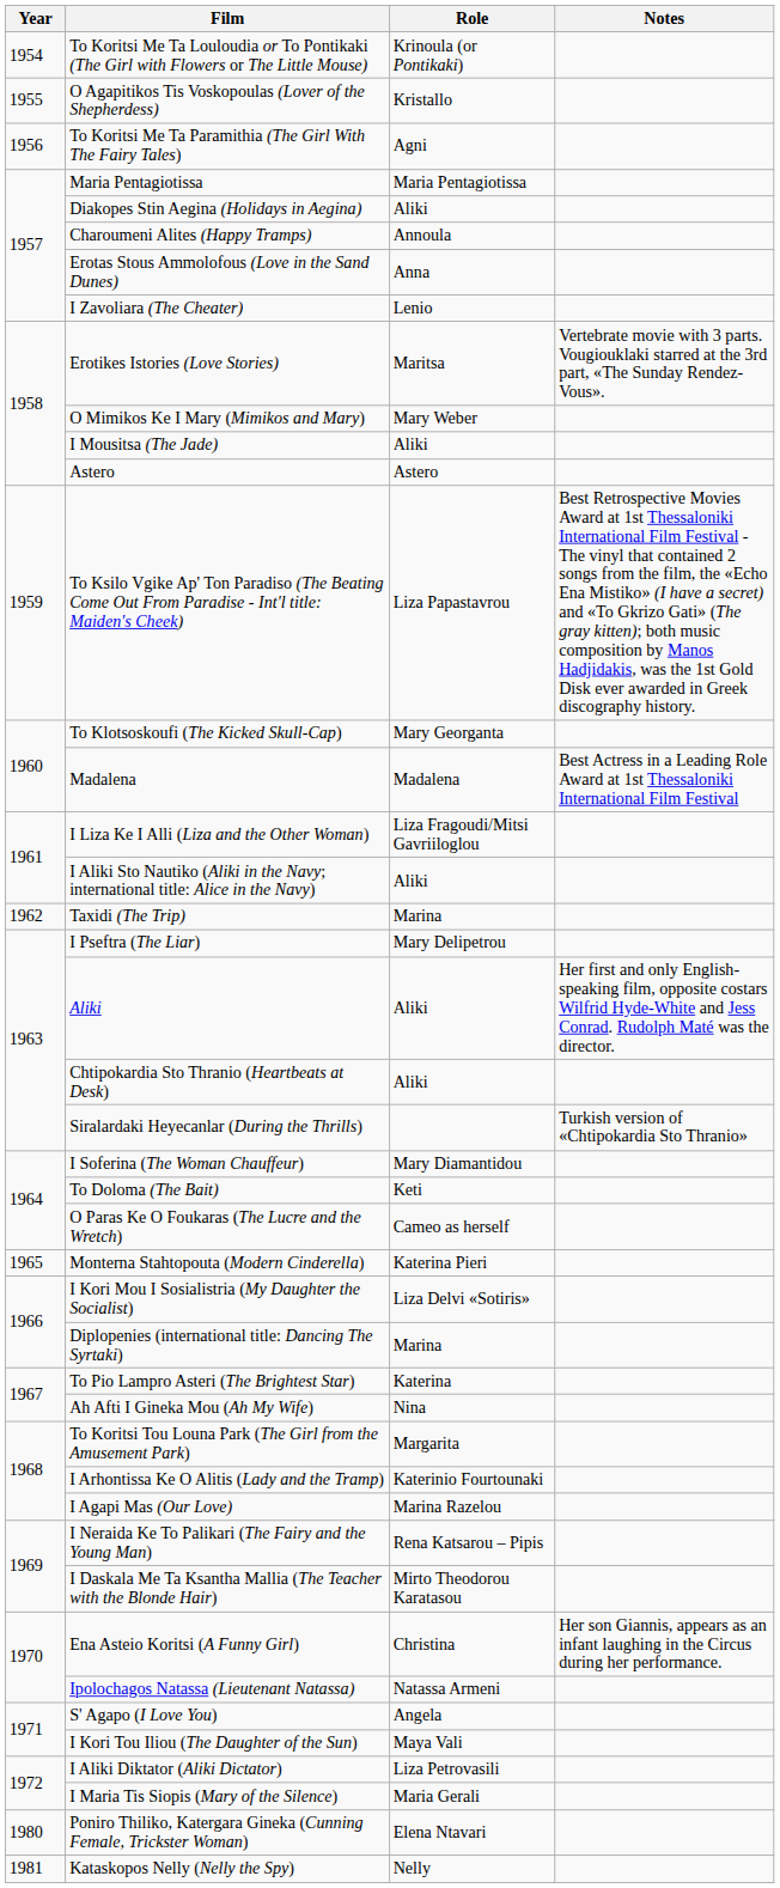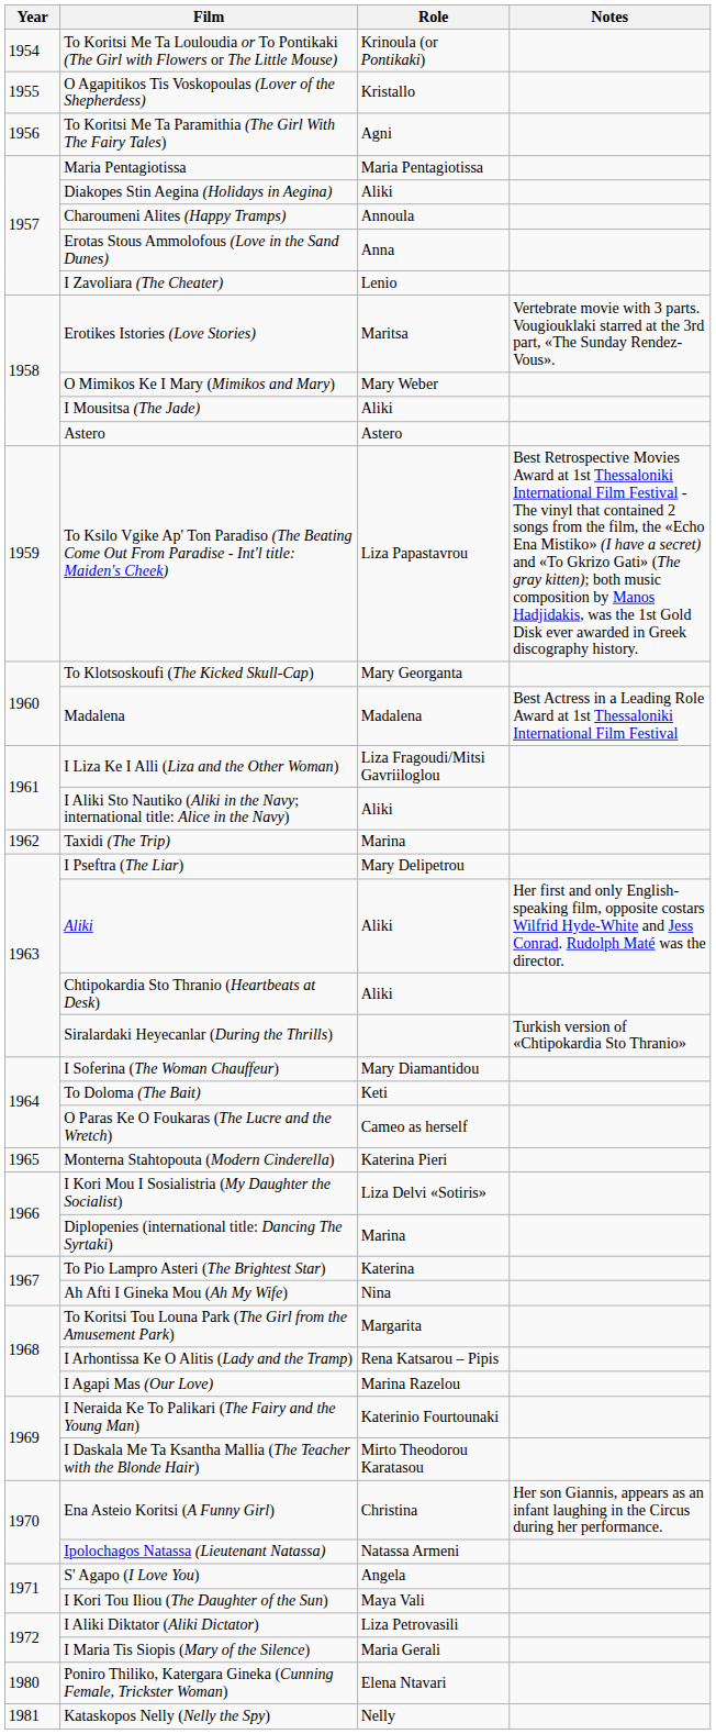 <table class="wikitable">
 <tr>
 <th>Year</th>
 <th>Film</th>
 <th>Role</th>
 <th>Notes</th>
 </tr>
 <tr>
 <td width="50px">1954</td>
 <td width="300px">To Koritsi Me Ta Louloudia <em>or</em> To Pontikaki <em>(The Girl with Flowers</em> or <em>The Little Mouse)</em></td>
 <td width="150px">Krinoula (or <em>Pontikaki</em>)</td>
 <td width="200px"></td>
 </tr>
 <tr>
 <td>1955</td>
 <td>O Agapitikos Tis Voskopoulas <em>(Lover of the Shepherdess)</em></td>
 <td>Kristallo</td>
 <td></td>
 </tr>
 <tr>
 <td>1956</td>
 <td>To Koritsi Me Ta Paramithia <em>(The Girl With The Fairy Tales</em>)</td>
 <td>Agni</td>
 <td></td>
 </tr>
 <tr>
 <td rowspan="5">1957</td>
 <td>Maria Pentagiotissa</td>
 <td>Maria Pentagiotissa</td>
 <td></td>
 </tr>
 <tr>
 <td>Diakopes Stin Aegina <em>(Holidays in Aegina)</em></td>
 <td>Aliki</td>
 <td></td>
 </tr>
 <tr>
 <td>Charoumeni Alites <em>(Happy Tramps)</em></td>
 <td>Annoula</td>
 <td></td>
 </tr>
 <tr>
 <td>Erotas Stous Ammolofous <em>(Love in the Sand Dunes)</em></td>
 <td>Anna</td>
 <td></td>
 </tr>
 <tr>
 <td>I Zavoliara <em>(The Cheater)</em></td>
 <td>Lenio</td>
 <td></td>
 </tr>
 <tr>
 <td rowspan="4">1958</td>
 <td>Erotikes Istories <em>(Love Stories)</em></td>
 <td>Maritsa</td>
 <td>Vertebrate movie with 3 parts. Vougiouklaki starred at the 3rd part, «The Sunday Rendez-Vous».</td>
 </tr>
 <tr>
 <td>O Mimikos Ke I Mary (<em>Mimikos and Mary</em>)</td>
 <td>Mary Weber</td>
 <td></td>
 </tr>
 <tr>
 <td>I Mousitsa <em>(The Jade)</em></td>
 <td>Aliki</td>
 <td></td>
 </tr>
 <tr>
 <td>Astero</td>
 <td>Astero</td>
 <td></td>
 </tr>
 <tr>
 <td>1959</td>
 <td>To Ksilo Vgike Ap' Ton Paradiso <em>(The Beating Come Out From Paradise - Int'l title: <a href='#'>Maiden's Cheek</a>)</em></td>
 <td>Liza Papastavrou</td>
 <td>Best Retrospective Movies Award at 1st <a href='#'>Thessaloniki International Film Festival</a> - The vinyl that contained 2 songs from the film, the «Echo Ena Mistiko» <em>(I have a secret)</em> and «To Gkrizo Gati» (<em>The gray kitten)</em>; both music composition by <a href='#'>Manos Hadjidakis</a>, was the 1st Gold Disk ever awarded in Greek discography history.</td>
 </tr>
 <tr>
 <td rowspan="2">1960</td>
 <td>To Klotsoskoufi (<em>The Kicked Skull-Cap</em>)</td>
 <td>Mary Georganta</td>
 <td></td>
 </tr>
 <tr>
 <td>Madalena</td>
 <td>Madalena</td>
 <td>Best Actress in a Leading Role Award at 1st <a href='#'>Thessaloniki International Film Festival</a></td>
 </tr>
 <tr>
 <td rowspan="2">1961</td>
 <td>I Liza Ke I Alli (<em>Liza and the Other Woman</em>)</td>
 <td>Liza Fragoudi/Mitsi Gavriiloglou</td>
 <td></td>
 </tr>
 <tr>
 <td>I Aliki Sto Nautiko (<em>Aliki in the Navy</em>; international title: <em>Alice in the Navy</em>)</td>
 <td>Aliki</td>
 <td></td>
 </tr>
 <tr>
 <td>1962</td>
 <td>Taxidi <em>(The Trip)</em></td>
 <td>Marina</td>
 <td></td>
 </tr>
 <tr>
 <td rowspan="4">1963</td>
 <td>I Pseftra (<em>The Liar</em>)</td>
 <td>Mary Delipetrou</td>
 <td></td>
 </tr>
 <tr>
 <td><em><a href='#'>Aliki</a></em></td>
 <td>Aliki</td>
 <td>Her first and only English-speaking film, opposite costars <a href='#'>Wilfrid Hyde-White</a> and <a href='#'>Jess Conrad</a>. <a href='#'>Rudolph Maté</a> was the director.</td>
 </tr>
 <tr>
 <td>Chtipokardia Sto Thranio (<em>Heartbeats at Desk</em>)</td>
 <td>Aliki</td>
 <td></td>
 </tr>
 <tr>
 <td>Siralardaki Heyecanlar (<em>During the Thrills</em>)</td>
 <td></td>
 <td>Turkish version of «Chtipokardia Sto Thranio»</td>
 </tr>
 <tr>
 <td rowspan="3">1964</td>
 <td>I Soferina (<em>The Woman Chauffeur</em>)</td>
 <td>Mary Diamantidou</td>
 <td></td>
 </tr>
 <tr>
 <td>To Doloma <em>(The Bait)</em></td>
 <td>Keti</td>
 <td></td>
 </tr>
 <tr>
 <td>O Paras Ke O Foukaras (<em>The Lucre and the Wretch</em>)</td>
 <td>Cameo as herself</td>
 <td></td>
 </tr>
 <tr>
 <td>1965</td>
 <td>Monterna Stahtopouta (<em>Modern Cinderella</em>)</td>
 <td>Katerina Pieri</td>
 <td></td>
 </tr>
 <tr>
 <td rowspan="2">1966</td>
 <td>I Kori Mou I Sosialistria (<em>My Daughter the Socialist</em>)</td>
 <td>Liza Delvi «Sotiris»</td>
 <td></td>
 </tr>
 <tr>
 <td>Diplopenies (international title: <em>Dancing The Syrtaki</em>)</td>
 <td>Marina</td>
 <td></td>
 </tr>
 <tr>
 <td rowspan="2">1967</td>
 <td>To Pio Lampro Asteri (<em>The Brightest Star</em>)</td>
 <td>Katerina</td>
 <td></td>
 </tr>
 <tr>
 <td>Ah Afti I Gineka Mou (<em>Ah My Wife</em>)</td>
 <td>Nina</td>
 <td></td>
 </tr>
 <tr>
 <td rowspan="3">1968</td>
 <td>To Koritsi Tou Louna Park (<em>The Girl from the Amusement Park</em>)</td>
 <td>Margarita</td>
 <td></td>
 </tr>
 <tr>
 <td>I Arhontissa Ke O Alitis (<em>Lady and the Tramp</em>)</td>
-<td>Katerinio Fourtounaki</td>
+<td>Rena Katsarou – Pipis</td>
 <td></td>
 </tr>
 <tr>
 <td>I Agapi Mas <em>(Our Love)</em></td>
 <td>Marina Razelou</td>
 <td></td>
 </tr>
 <tr>
 <td rowspan="2">1969</td>
 <td>I Neraida Ke To Palikari (<em>The Fairy and the Young Man</em>)</td>
-<td>Rena Katsarou – Pipis</td>
+<td>Katerinio Fourtounaki</td>
 <td></td>
 </tr>
 <tr>
 <td>I Daskala Me Ta Ksantha Mallia (<em>The Teacher with the Blonde Hair</em>)</td>
 <td>Mirto Theodorou Karatasou</td>
 <td></td>
 </tr>
 <tr>
 <td rowspan="2">1970</td>
 <td>Ena Asteio Koritsi (<em>A Funny Girl</em>)</td>
 <td>Christina</td>
 <td>Her son Giannis, appears as an infant laughing in the Circus during her performance.</td>
 </tr>
 <tr>
 <td><a href='#'>Ipolochagos Natassa</a><em> (Lieutenant Natassa)</em></td>
 <td>Natassa Armeni</td>
 <td></td>
 </tr>
 <tr>
 <td rowspan="2">1971</td>
 <td>S' Agapo (<em>I Love You</em>)</td>
 <td>Angela</td>
 <td></td>
 </tr>
 <tr>
 <td>I Kori Tou Iliou (<em>The Daughter of the Sun</em>)</td>
 <td>Maya Vali</td>
 <td></td>
 </tr>
 <tr>
 <td rowspan="2">1972</td>
 <td>I Aliki Diktator (<em>Aliki Dictator</em>)</td>
 <td>Liza Petrovasili</td>
 <td></td>
 </tr>
 <tr>
 <td>I Maria Tis Siopis (<em>Mary of the Silence</em>)</td>
 <td>Maria Gerali</td>
 <td></td>
 </tr>
 <tr>
 <td>1980</td>
 <td>Poniro Thiliko, Katergara Gineka (<em>Cunning Female, Trickster Woman</em>)</td>
 <td>Elena Ntavari</td>
 <td></td>
 </tr>
 <tr>
 <td>1981</td>
 <td>Kataskopos Nelly (<em>Nelly the Spy</em>)</td>
 <td>Nelly</td>
 <td></td>
 </tr>
 </table>
